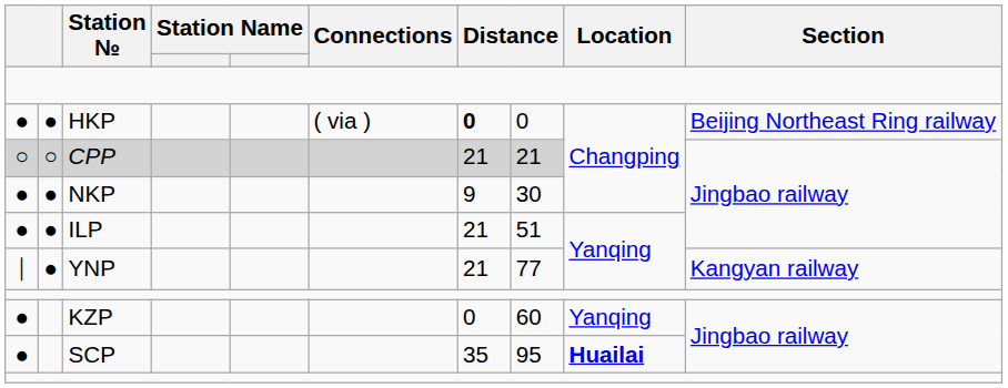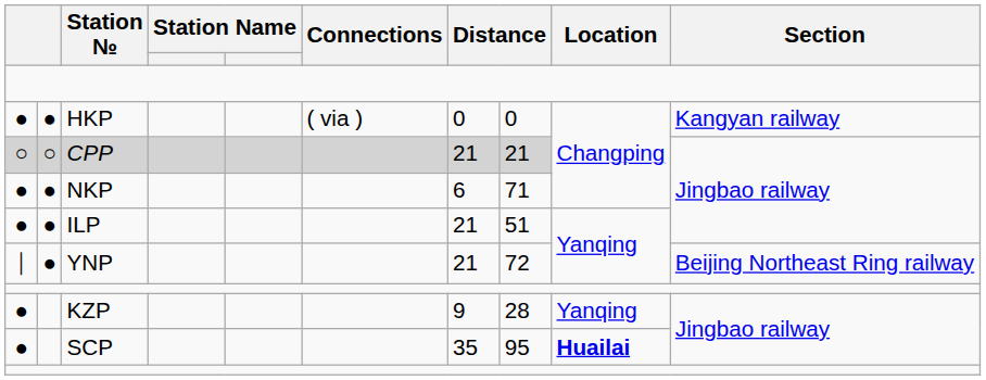 <table class="wikitable">
 <tr>
 <th rowspan="2" colspan="2"></th>
 <th rowspan="2">Station<br>№</th>
 <th colspan="2">Station Name</th>
 <th rowspan="2">Connections</th>
 <th colspan="2" rowspan="2">Distance<br></th>
 <th rowspan="2">Location</th>
 <th rowspan="2">Section</th>
 </tr>
 <tr>
 <th></th>
 <th></th>
 </tr>
 <tr style="background:#">
 <td colspan = "10"><br></td>
 </tr>
 <tr>
 <td align="center">●</td>
 <td align="center">●</td>
 <td>HKP</td>
 <td></td>
 <td></td>
 <td>(   via )</td>
-<td><strong>0</strong></td>
+<td>0</td>
 <td>0</td>
 <td rowspan="3"><a href='#'>Changping</a></td>
-<td><a href='#'>Beijing Northeast Ring railway</a></td>
+<td><a href='#'>Kangyan railway</a></td>
 </tr>
 <tr>
 <td bgcolor="lightgrey" align="center">○</td>
 <td bgcolor="lightgrey" align="center">○</td>
 <td bgcolor="lightgrey"><em>CPP</em></td>
 <td bgcolor="lightgrey"><em></em></td>
 <td bgcolor="lightgrey"><em></em></td>
 <td bgcolor="lightgrey"></td>
 <td bgcolor="lightgrey">21</td>
 <td bgcolor="lightgrey">21</td>
 <td rowspan="3"><a href='#'>Jingbao railway</a></td>
 </tr>
 <tr>
 <td align="center">●</td>
 <td align="center">●</td>
 <td>NKP</td>
 <td></td>
 <td></td>
 <td></td>
-<td>9</td>
-<td>30</td>
+<td>6</td>
+<td>71</td>
 </tr>
 <tr>
 <td align="center">●</td>
 <td align="center">●</td>
 <td>ILP</td>
 <td></td>
 <td></td>
 <td></td>
 <td>21</td>
 <td>51</td>
 <td rowspan="2"><a href='#'>Yanqing</a></td>
 </tr>
 <tr>
 <td align="center">｜</td>
 <td align="center">●</td>
 <td>YNP</td>
 <td></td>
 <td></td>
 <td></td>
 <td>21</td>
-<td>77</td>
-<td><a href='#'>Kangyan railway</a></td>
+<td>72</td>
+<td><a href='#'>Beijing Northeast Ring railway</a></td>
 </tr>
 <tr style="background:#">
 <td colspan = "10"></td>
 </tr>
 <tr>
 <td align="center">●</td>
 <td align="center"></td>
 <td>KZP</td>
 <td></td>
 <td></td>
 <td></td>
-<td>0</td>
-<td>60</td>
+<td>9</td>
+<td>28</td>
 <td><a href='#'>Yanqing</a></td>
 <td rowspan="2"><a href='#'>Jingbao railway</a></td>
 </tr>
 <tr>
 <td align="center">●</td>
 <td align="center"></td>
 <td>SCP</td>
 <td></td>
 <td></td>
 <td></td>
 <td>35</td>
 <td>95</td>
 <td><strong><a href='#'>Huailai</a><br></strong></td>
 </tr>
 <tr style="background:#">
 <td colspan = "10"></td>
 </tr>
 </table>
